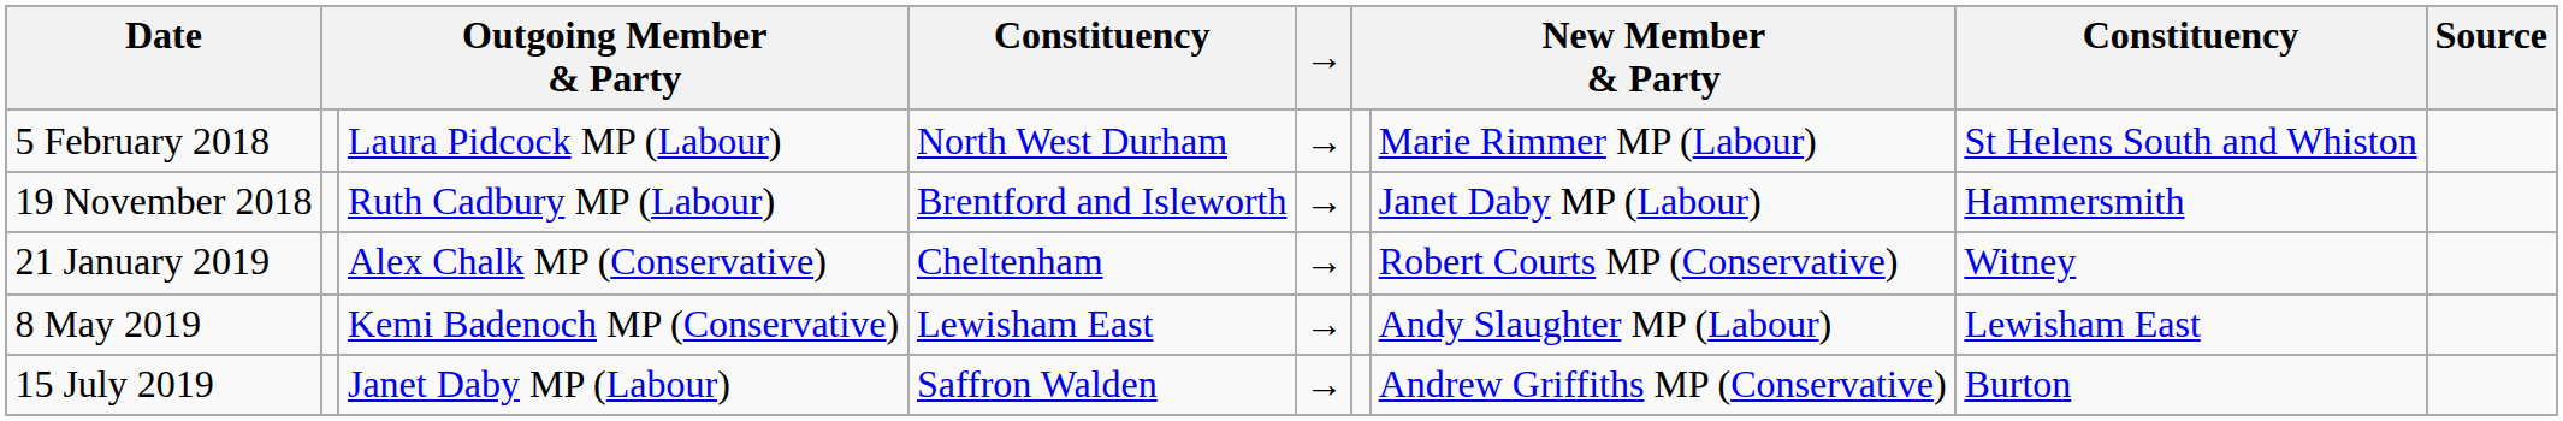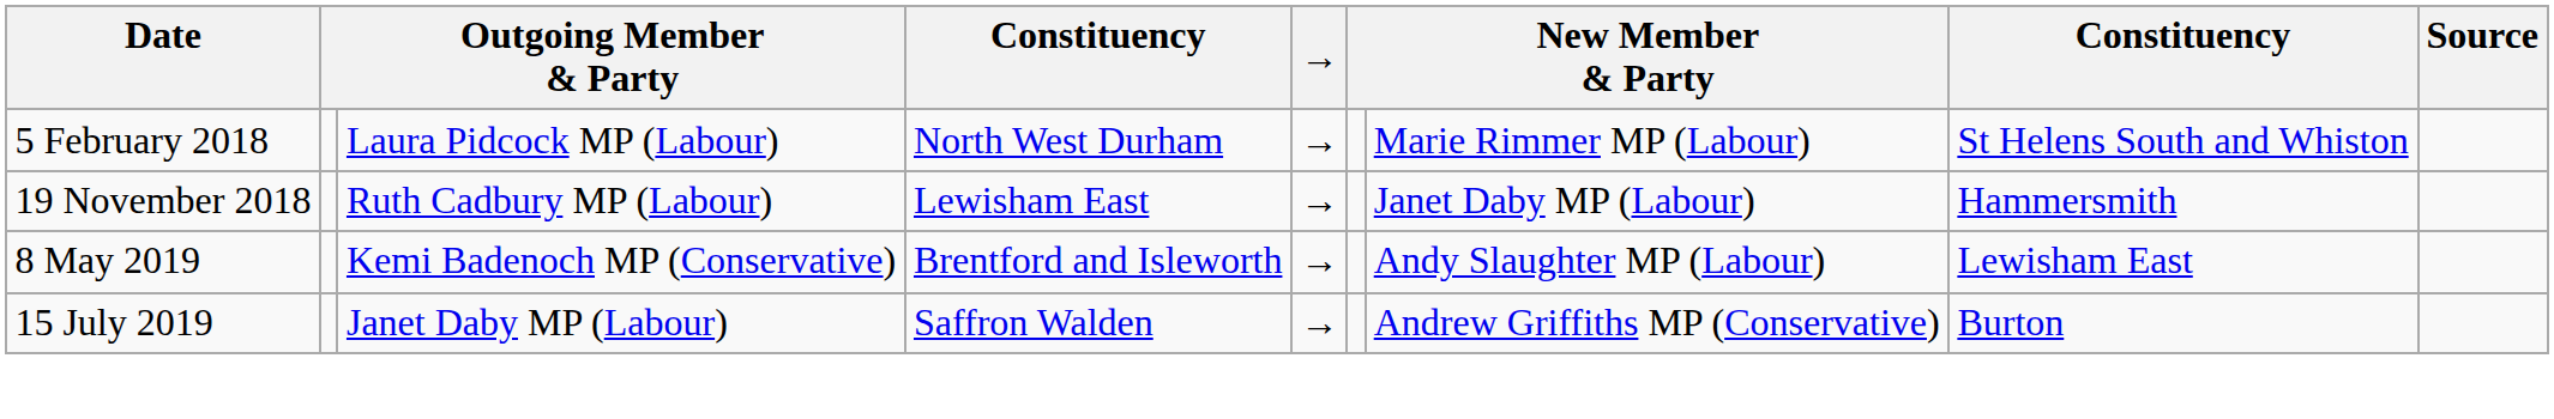 <table class="wikitable">
 <tr>
 <th valign="top">Date</th>
 <th colspan="2" valign="top">Outgoing Member<br>& Party</th>
 <th valign="top">Constituency</th>
 <th>→</th>
 <th colspan="2" valign="top">New Member<br>& Party</th>
 <th valign="top">Constituency</th>
 <th valign="top">Source</th>
 </tr>
 <tr>
 <td nowrap>5 February 2018</td>
 <td style="color:inherit;background:"></td>
 <td><a href='#'>Laura Pidcock</a> MP (<a href='#'>Labour</a>)</td>
 <td><a href='#'>North West Durham</a></td>
 <td>→</td>
 <td style="color:inherit;background:"></td>
 <td><a href='#'>Marie Rimmer</a> MP (<a href='#'>Labour</a>)</td>
 <td><a href='#'>St Helens South and Whiston</a></td>
 <td></td>
 </tr>
 <tr>
 <td nowrap>19 November 2018</td>
 <td style="color:inherit;background:"></td>
 <td><a href='#'>Ruth Cadbury</a> MP (<a href='#'>Labour</a>)</td>
-<td><a href='#'>Brentford and Isleworth</a></td>
+<td><a href='#'>Lewisham East</a></td>
 <td>→</td>
 <td style="color:inherit;background:"></td>
 <td><a href='#'>Janet Daby</a> MP (<a href='#'>Labour</a>)</td>
 <td><a href='#'>Hammersmith</a></td>
 <td></td>
 </tr>
 <tr>
-<td nowrap>21 January 2019</td>
-<td style="color:inherit;background:"></td>
-<td><a href='#'>Alex Chalk</a> MP (<a href='#'>Conservative</a>)</td>
-<td><a href='#'>Cheltenham</a></td>
-<td>→</td>
-<td style="color:inherit;background:"></td>
-<td><a href='#'>Robert Courts</a> MP (<a href='#'>Conservative</a>)</td>
-<td><a href='#'>Witney</a></td>
-<td></td>
-</tr>
-<tr>
 <td nowrap>8 May 2019</td>
 <td style="color:inherit;background:"></td>
 <td><a href='#'>Kemi Badenoch</a> MP (<a href='#'>Conservative</a>)</td>
-<td><a href='#'>Lewisham East</a></td>
+<td><a href='#'>Brentford and Isleworth</a></td>
 <td>→</td>
 <td style="color:inherit;background:"></td>
 <td><a href='#'>Andy Slaughter</a> MP (<a href='#'>Labour</a>)</td>
 <td><a href='#'>Lewisham East</a></td>
 <td></td>
 </tr>
 <tr>
 <td nowrap>15 July 2019</td>
 <td style="color:inherit;background:"></td>
 <td><a href='#'>Janet Daby</a> MP (<a href='#'>Labour</a>)</td>
 <td><a href='#'>Saffron Walden</a></td>
 <td>→</td>
 <td style="color:inherit;background:"></td>
 <td><a href='#'>Andrew Griffiths</a> MP (<a href='#'>Conservative</a>)</td>
 <td><a href='#'>Burton</a></td>
 <td></td>
 </tr>
 </table>
